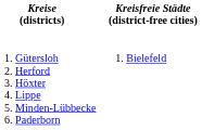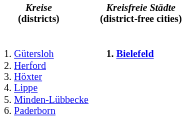 <table>
 <tr>
 <th width="50%"><em>Kreise</em><br>(districts)</th>
 <th width="50%"><em>Kreisfreie Städte</em><br>(district-free cities)</th>
 </tr>
 <tr>
 <td valign="top"><br><ol><li><a href='#'>Gütersloh</a></li><li><a href='#'>Herford</a></li><li><a href='#'>Höxter</a></li><li><a href='#'>Lippe</a></li><li><a href='#'>Minden-Lübbecke</a></li><li><a href='#'>Paderborn</a></li></ol></td>
-<td valign="top"><br><ol><li><a href='#'>Bielefeld</a></li></ol></td>
+<td valign="top"><strong><br><ol><li><a href='#'>Bielefeld</a></li></ol></strong></td>
 </tr>
 </table>
